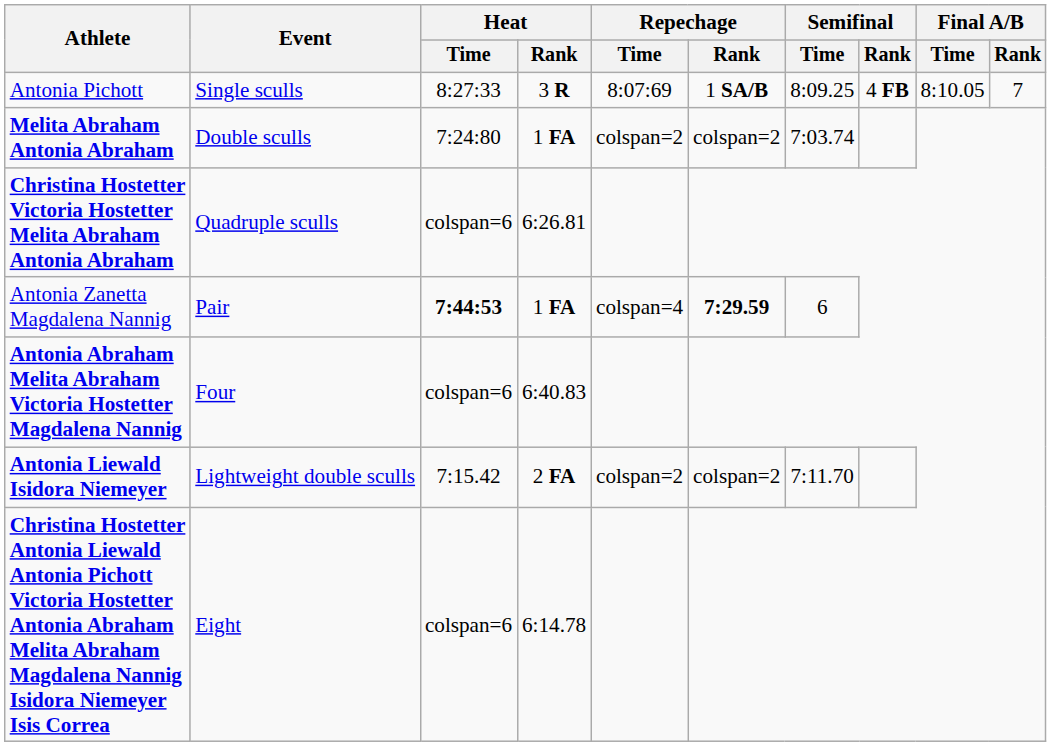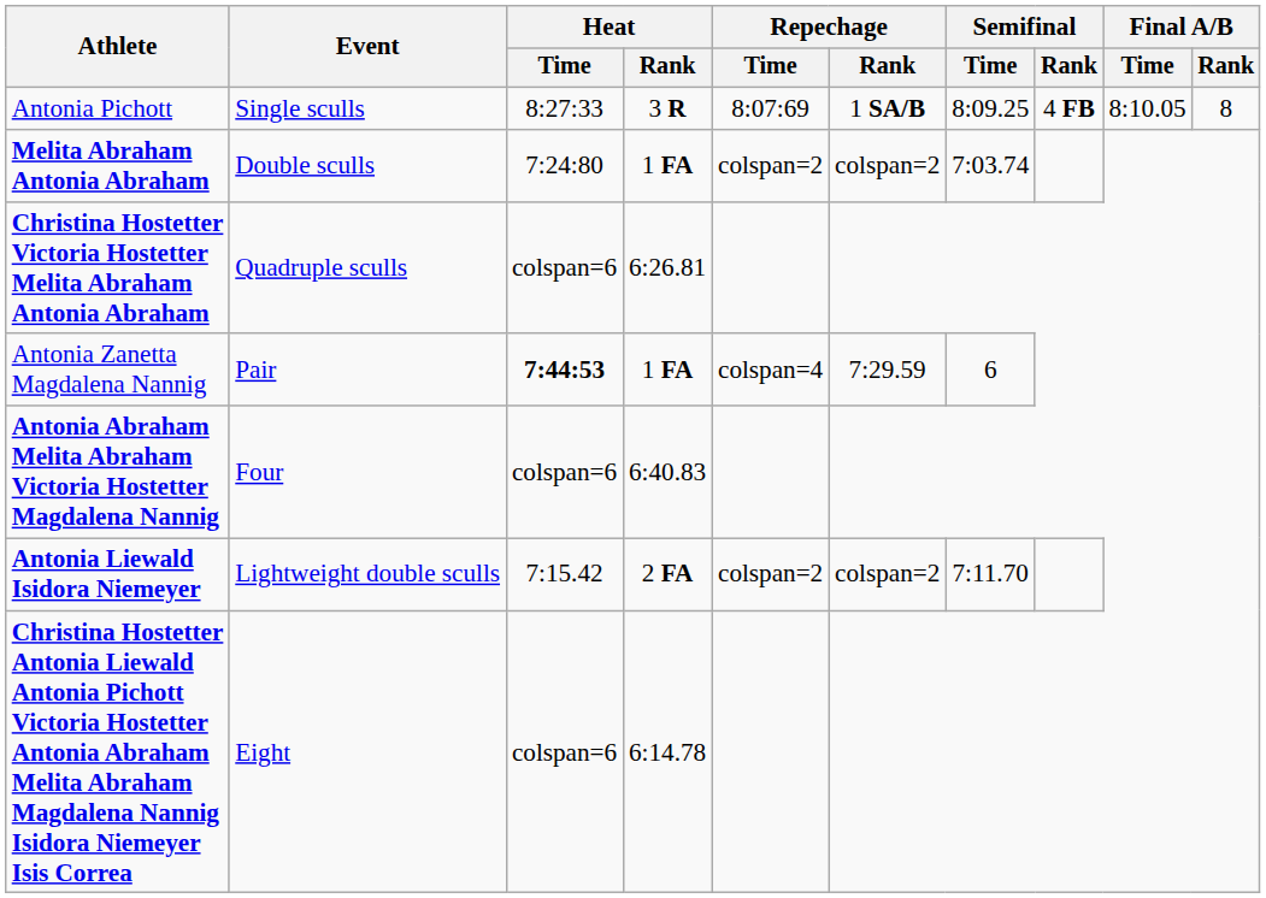 <table class=wikitable style=font-size:90%;text-align:center>
 <tr>
 <th rowspan=2>Athlete</th>
 <th rowspan=2>Event</th>
 <th colspan=2>Heat</th>
 <th colspan=2>Repechage</th>
 <th colspan=2>Semifinal</th>
 <th colspan=2>Final A/B</th>
 </tr>
 <tr style=font-size:95%>
 <th>Time</th>
 <th>Rank</th>
 <th>Time</th>
 <th>Rank</th>
 <th>Time</th>
 <th>Rank</th>
 <th>Time</th>
 <th>Rank</th>
 </tr>
 <tr>
 <td style="text-align:left"><a href='#'>Antonia Pichott</a></td>
 <td style="text-align:left"><a href='#'>Single sculls</a></td>
 <td>8:27:33</td>
 <td>3 <strong>R</strong></td>
 <td>8:07:69</td>
 <td>1 <strong>SA/B</strong></td>
 <td>8:09.25</td>
 <td>4 <strong>FB</strong></td>
 <td>8:10.05</td>
-<td>7</td>
+<td>8</td>
 </tr>
 <tr>
 <td style="text-align:left"><strong><a href='#'>Melita Abraham</a><br><a href='#'>Antonia Abraham</a></strong></td>
 <td style="text-align:left"><a href='#'>Double sculls</a></td>
 <td>7:24:80</td>
 <td>1 <strong>FA</strong></td>
 <td>colspan=2 </td>
 <td>colspan=2 </td>
 <td>7:03.74</td>
 <td></td>
 </tr>
 <tr>
 <td style="text-align:left"><strong><a href='#'>Christina Hostetter</a><br><a href='#'>Victoria Hostetter</a><br><a href='#'>Melita Abraham</a><br><a href='#'>Antonia Abraham</a></strong></td>
 <td style="text-align:left"><a href='#'>Quadruple sculls</a></td>
 <td>colspan=6 </td>
 <td>6:26.81</td>
 <td></td>
 </tr>
 <tr>
 <td style="text-align:left"><a href='#'>Antonia Zanetta</a><br><a href='#'>Magdalena Nannig</a></td>
 <td style="text-align:left"><a href='#'>Pair</a></td>
 <td><strong>7:44:53</strong></td>
 <td>1 <strong>FA</strong></td>
 <td>colspan=4 </td>
-<td><strong>7:29.59</strong></td>
+<td>7:29.59</td>
 <td>6</td>
 </tr>
 <tr>
 <td style="text-align:left"><strong><a href='#'>Antonia Abraham</a><br><a href='#'>Melita Abraham</a><br><a href='#'>Victoria Hostetter</a><br><a href='#'>Magdalena Nannig</a></strong></td>
 <td style="text-align:left"><a href='#'>Four</a></td>
 <td>colspan=6 </td>
 <td>6:40.83</td>
 <td></td>
 </tr>
 <tr>
 <td style="text-align:left"><strong><a href='#'>Antonia Liewald</a><br><a href='#'>Isidora Niemeyer</a></strong></td>
 <td style="text-align:left"><a href='#'>Lightweight double sculls</a></td>
 <td>7:15.42</td>
 <td>2 <strong>FA</strong></td>
 <td>colspan=2 </td>
 <td>colspan=2 </td>
 <td>7:11.70</td>
 <td></td>
 </tr>
 <tr>
 <td style="text-align:left"><strong><a href='#'>Christina Hostetter</a><br><a href='#'>Antonia Liewald</a><br><a href='#'>Antonia Pichott</a><br><a href='#'>Victoria Hostetter</a><br><a href='#'>Antonia Abraham</a><br><a href='#'>Melita Abraham</a><br><a href='#'>Magdalena Nannig</a><br><a href='#'>Isidora Niemeyer</a><br><a href='#'>Isis Correa</a></strong></td>
 <td style="text-align:left"><a href='#'>Eight</a></td>
 <td>colspan=6 </td>
 <td>6:14.78</td>
 <td></td>
 </tr>
 </table>
